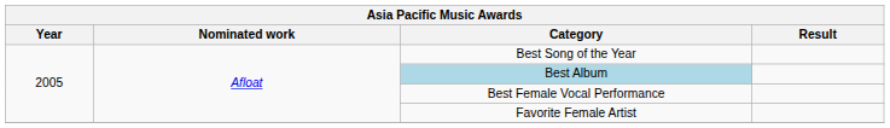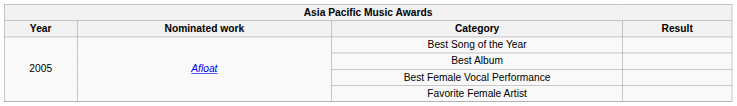 <table width="90%" class="wikitable">
 <tr>
 <th colspan="4" align="center">Asia Pacific Music Awards</th>
 </tr>
 <tr>
 <th width="10%">Year</th>
 <th width="35%">Nominated work</th>
 <th width="40%">Category</th>
 <th width="15%">Result</th>
 </tr>
 <tr>
 <td align="center" rowspan=4>2005</td>
 <td align="center" rowspan=4><em><a href='#'>Afloat</a></em></td>
 <td align="center">Best Song of the Year</td>
 <td></td>
 </tr>
 <tr>
-<td align="center" style="background: lightblue;">Best Album</td>
+<td align="center">Best Album</td>
 <td></td>
 </tr>
 <tr>
 <td align="center">Best Female Vocal Performance</td>
 <td></td>
 </tr>
 <tr>
 <td align="center">Favorite Female Artist</td>
 <td></td>
 </tr>
 <tr>
 </tr>
 </table>
